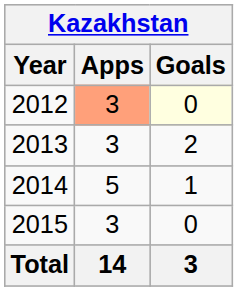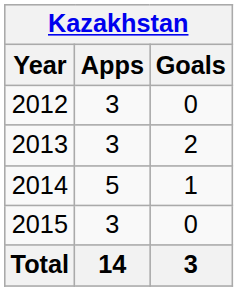 <table class="wikitable" style="text-align:center">
 <tr>
 <th colspan=3><a href='#'>Kazakhstan</a></th>
 </tr>
 <tr>
 <th>Year</th>
 <th>Apps</th>
 <th>Goals</th>
 </tr>
 <tr>
 <td>2012</td>
-<td style="background: lightsalmon;">3</td>
-<td style="background: lightyellow;">0</td>
+<td>3</td>
+<td>0</td>
 </tr>
 <tr>
 <td>2013</td>
 <td>3</td>
 <td>2</td>
 </tr>
 <tr>
 <td>2014</td>
 <td>5</td>
 <td>1</td>
 </tr>
 <tr>
 <td>2015</td>
 <td>3</td>
 <td>0</td>
 </tr>
 <tr>
 <th>Total</th>
 <th>14</th>
 <th>3</th>
 </tr>
 </table>
